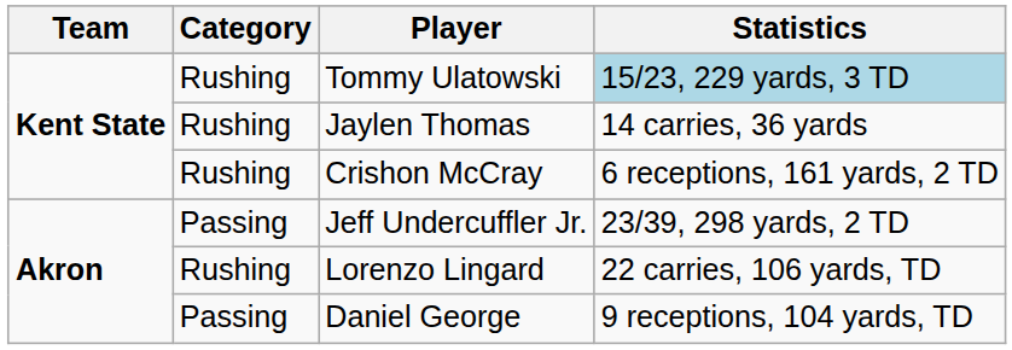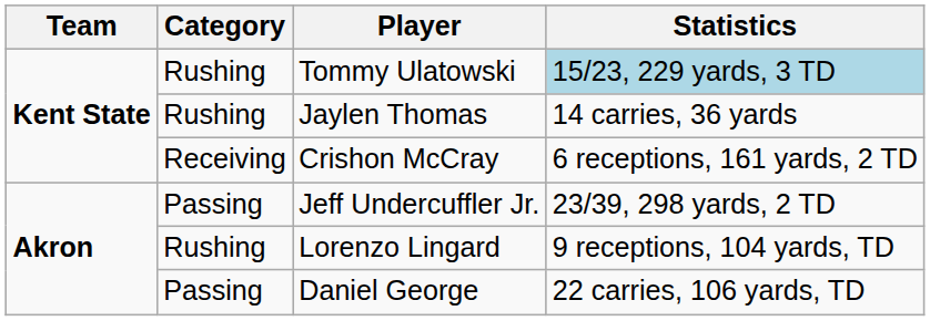 <table class="wikitable" style="float: right;">
 <tr>
 <th>Team</th>
 <th>Category</th>
 <th>Player</th>
 <th>Statistics</th>
 </tr>
 <tr>
 <td rowspan=3><strong>Kent State</strong></td>
 <td>Rushing</td>
 <td>Tommy Ulatowski</td>
 <td style="background: lightblue;">15/23, 229 yards, 3 TD</td>
 </tr>
 <tr>
 <td>Rushing</td>
 <td>Jaylen Thomas</td>
 <td>14 carries, 36 yards</td>
 </tr>
 <tr>
-<td>Rushing</td>
+<td>Receiving</td>
 <td>Crishon McCray</td>
 <td>6 receptions, 161 yards, 2 TD</td>
 </tr>
 <tr>
 <td rowspan=3><strong>Akron</strong></td>
 <td>Passing</td>
 <td>Jeff Undercuffler Jr.</td>
 <td>23/39, 298 yards, 2 TD</td>
 </tr>
 <tr>
 <td>Rushing</td>
 <td>Lorenzo Lingard</td>
-<td>22 carries, 106 yards, TD</td>
+<td>9 receptions, 104 yards, TD</td>
 </tr>
 <tr>
 <td>Passing</td>
 <td>Daniel George</td>
-<td>9 receptions, 104 yards, TD</td>
+<td>22 carries, 106 yards, TD</td>
 </tr>
 </table>
